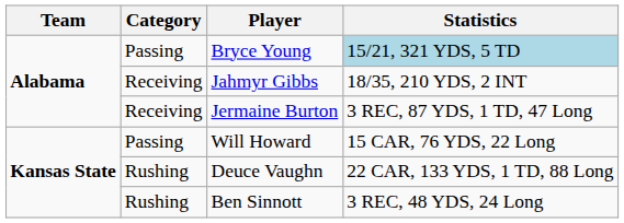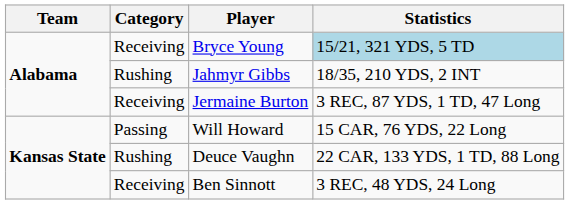 <table class="wikitable" style="float: right;">
 <tr>
 <th>Team</th>
 <th>Category</th>
 <th>Player</th>
 <th>Statistics</th>
 </tr>
 <tr>
 <td rowspan=3><strong>Alabama</strong></td>
-<td>Passing</td>
+<td>Receiving</td>
 <td><a href='#'>Bryce Young</a></td>
 <td style="background: lightblue;">15/21, 321 YDS, 5 TD</td>
 </tr>
 <tr>
-<td>Receiving</td>
+<td>Rushing</td>
 <td><a href='#'>Jahmyr Gibbs</a></td>
 <td>18/35, 210 YDS, 2 INT</td>
 </tr>
 <tr>
 <td>Receiving</td>
 <td><a href='#'>Jermaine Burton</a></td>
 <td>3 REC, 87 YDS, 1 TD, 47 Long</td>
 </tr>
 <tr>
 <td rowspan=3><strong>Kansas State</strong></td>
 <td>Passing</td>
 <td>Will Howard</td>
 <td>15 CAR, 76 YDS, 22 Long</td>
 </tr>
 <tr>
 <td>Rushing</td>
 <td>Deuce Vaughn</td>
 <td>22 CAR, 133 YDS, 1 TD, 88 Long</td>
 </tr>
 <tr>
-<td>Rushing</td>
+<td>Receiving</td>
 <td>Ben Sinnott</td>
 <td>3 REC, 48 YDS, 24 Long</td>
 </tr>
 </table>
